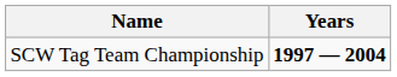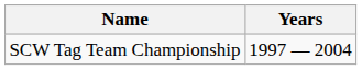 <table class="wikitable" border="1">
 <tr>
 <th>Name</th>
 <th>Years</th>
 </tr>
 <tr>
 <td>SCW Tag Team Championship</td>
-<td><strong>1997 — 2004</strong></td>
+<td>1997 — 2004</td>
 </tr>
 </table>
